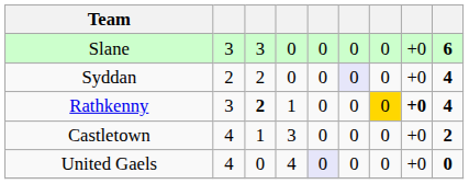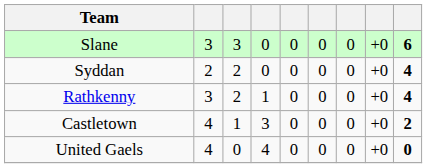 <table class="wikitable" style="text-align:center">
 <tr>
 <th width="175">Team</th>
 <th width="20"></th>
 <th width="20"></th>
 <th width="20"></th>
 <th width="20"></th>
 <th width="20"></th>
 <th width="20"></th>
 <th width="20"></th>
 <th width="20"></th>
 </tr>
 <tr style="background:#cfc;">
 <td>Slane</td>
 <td>3</td>
 <td>3</td>
 <td>0</td>
 <td>0</td>
 <td>0</td>
 <td>0</td>
 <td>+0</td>
 <td><strong>6</strong></td>
 </tr>
 <tr>
 <td>Syddan</td>
 <td>2</td>
 <td>2</td>
 <td>0</td>
 <td>0</td>
-<td style="background: lavender;">0</td>
+<td>0</td>
 <td>0</td>
 <td>+0</td>
 <td><strong>4</strong></td>
 </tr>
 <tr>
 <td><a href='#'>Rathkenny</a></td>
 <td>3</td>
-<td><strong>2</strong></td>
+<td>2</td>
 <td>1</td>
 <td>0</td>
 <td>0</td>
-<td style="background: gold;">0</td>
-<td><strong>+0</strong></td>
+<td>0</td>
+<td>+0</td>
 <td><strong>4</strong></td>
 </tr>
 <tr>
 <td>Castletown</td>
 <td>4</td>
 <td>1</td>
 <td>3</td>
 <td>0</td>
 <td>0</td>
 <td>0</td>
 <td>+0</td>
 <td><strong>2</strong></td>
 </tr>
 <tr>
 <td>United Gaels</td>
 <td>4</td>
 <td>0</td>
 <td>4</td>
-<td style="background: lavender;">0</td>
+<td>0</td>
 <td>0</td>
 <td>0</td>
 <td>+0</td>
 <td><strong>0</strong></td>
 </tr>
 <tr>
 </tr>
 </table>
